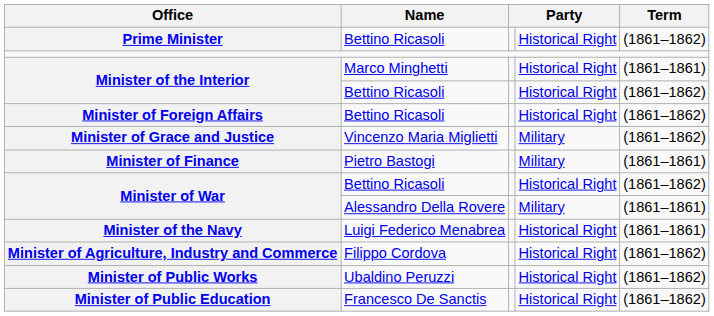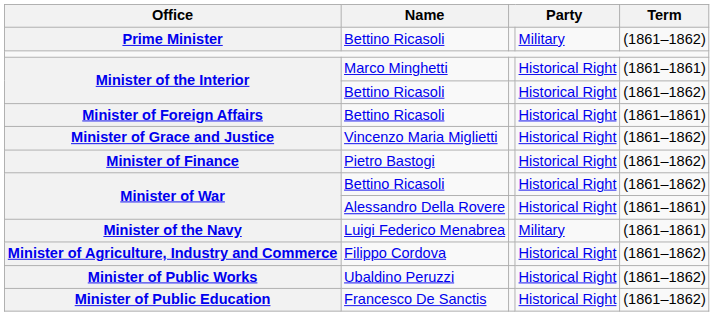 <table class="wikitable" style="font-size: 100%;">
 <tr>
 <th>Office</th>
 <th>Name</th>
 <th colspan=2>Party</th>
 <th>Term</th>
 </tr>
 <tr>
 <th><a href='#'>Prime Minister</a></th>
 <td><a href='#'>Bettino Ricasoli</a></td>
 <td style="color:inherit;background:"></td>
-<td><a href='#'>Historical Right</a></td>
+<td><a href='#'>Military</a></td>
 <td>(1861–1862)</td>
 </tr>
 <tr>
 <td colspan=6></td>
 </tr>
 <tr>
 <th rowspan=2><a href='#'>Minister of the Interior</a></th>
 <td><a href='#'>Marco Minghetti</a></td>
 <td style="color:inherit;background:"></td>
 <td><a href='#'>Historical Right</a></td>
 <td>(1861–1861)</td>
 </tr>
 <tr>
 <td><a href='#'>Bettino Ricasoli</a></td>
 <td style="color:inherit;background:"></td>
 <td><a href='#'>Historical Right</a></td>
 <td>(1861–1862)</td>
 </tr>
 <tr>
 <th><a href='#'>Minister of Foreign Affairs</a></th>
 <td><a href='#'>Bettino Ricasoli</a></td>
 <td style="color:inherit;background:"></td>
 <td><a href='#'>Historical Right</a></td>
-<td>(1861–1862)</td>
+<td>(1861–1861)</td>
 </tr>
 <tr>
 <th><a href='#'>Minister of Grace and Justice</a></th>
 <td><a href='#'>Vincenzo Maria Miglietti</a></td>
 <td style="color:inherit;background:"></td>
-<td><a href='#'>Military</a></td>
+<td><a href='#'>Historical Right</a></td>
 <td>(1861–1862)</td>
 </tr>
 <tr>
 <th><a href='#'>Minister of Finance</a></th>
 <td><a href='#'>Pietro Bastogi</a></td>
 <td style="color:inherit;background:"></td>
-<td><a href='#'>Military</a></td>
-<td>(1861–1861)</td>
+<td><a href='#'>Historical Right</a></td>
+<td>(1861–1862)</td>
 </tr>
 <tr>
 <th rowspan=2><a href='#'>Minister of War</a></th>
 <td><a href='#'>Bettino Ricasoli</a></td>
 <td style="color:inherit;background:"></td>
 <td><a href='#'>Historical Right</a></td>
 <td>(1861–1862)</td>
 </tr>
 <tr>
 <td><a href='#'>Alessandro Della Rovere</a></td>
 <td style="color:inherit;background:"></td>
-<td><a href='#'>Military</a></td>
+<td><a href='#'>Historical Right</a></td>
 <td>(1861–1861)</td>
 </tr>
 <tr>
 <th><a href='#'>Minister of the Navy</a></th>
 <td><a href='#'>Luigi Federico Menabrea</a></td>
 <td style="color:inherit;background:"></td>
-<td><a href='#'>Historical Right</a></td>
+<td><a href='#'>Military</a></td>
 <td>(1861–1861)</td>
 </tr>
 <tr>
 <th><a href='#'>Minister of Agriculture, Industry and Commerce</a></th>
 <td><a href='#'>Filippo Cordova</a></td>
 <td style="color:inherit;background:"></td>
 <td><a href='#'>Historical Right</a></td>
 <td>(1861–1862)</td>
 </tr>
 <tr>
 <th><a href='#'>Minister of Public Works</a></th>
 <td><a href='#'>Ubaldino Peruzzi</a></td>
 <td style="color:inherit;background:"></td>
 <td><a href='#'>Historical Right</a></td>
 <td>(1861–1862)</td>
 </tr>
 <tr>
 <th><a href='#'>Minister of Public Education</a></th>
 <td><a href='#'>Francesco De Sanctis</a></td>
 <td style="color:inherit;background:"></td>
 <td><a href='#'>Historical Right</a></td>
 <td>(1861–1862)</td>
 </tr>
 </table>
